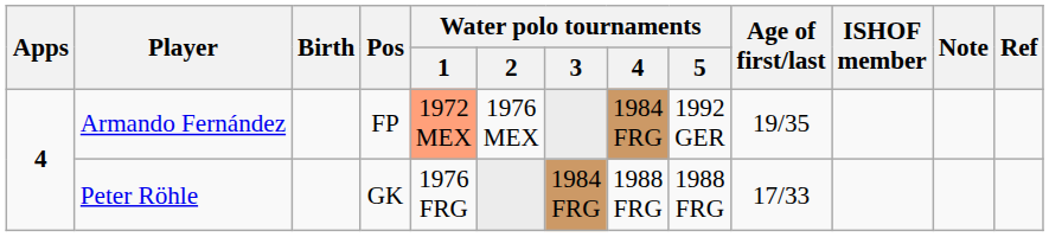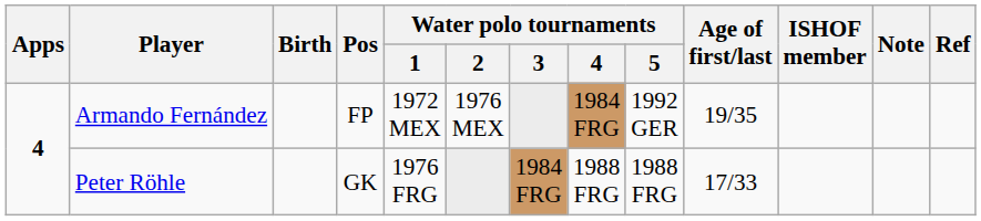 <table class="wikitable sortable" style="text-align: center; font-size: 90%; margin-left: 1em;">
 <tr>
 <th rowspan="2">Apps</th>
 <th rowspan="2">Player</th>
 <th rowspan="2">Birth</th>
 <th rowspan="2">Pos</th>
 <th colspan="5">Water polo tournaments</th>
 <th rowspan="2">Age of<br>first/last</th>
 <th rowspan="2">ISHOF<br>member</th>
 <th rowspan="2">Note</th>
 <th rowspan="2" class="unsortable">Ref</th>
 </tr>
 <tr>
 <th>1</th>
 <th style="width: 2em;" class="unsortable">2</th>
 <th style="width: 2em;" class="unsortable">3</th>
 <th style="width: 2em;" class="unsortable">4</th>
 <th style="width: 2em;" class="unsortable">5</th>
 </tr>
 <tr>
 <td rowspan="2"><strong>4</strong></td>
 <td style="text-align: left;" data-sort-value="Fernández, Armando"><a href='#'>Armando Fernández</a></td>
 <td></td>
 <td>FP</td>
-<td style="background: lightsalmon;">1972<br>MEX</td>
+<td>1972<br>MEX</td>
 <td>1976<br>MEX</td>
 <td style="background-color: #ececec;"></td>
 <td style="background-color: #cc9966;">1984<br>FRG</td>
 <td>1992<br>GER</td>
 <td>19/35</td>
 <td></td>
 <td style="text-align: left;"></td>
 <td></td>
 </tr>
 <tr>
 <td style="text-align: left;" data-sort-value="Röhle, Peter"><a href='#'>Peter Röhle</a></td>
 <td></td>
 <td>GK</td>
 <td>1976<br>FRG</td>
 <td style="background-color: #ececec;"></td>
 <td style="background-color: #cc9966;">1984<br>FRG</td>
 <td>1988<br>FRG</td>
 <td>1988<br>FRG</td>
 <td>17/33</td>
 <td></td>
 <td style="text-align: left;"></td>
 <td></td>
 </tr>
 </table>
